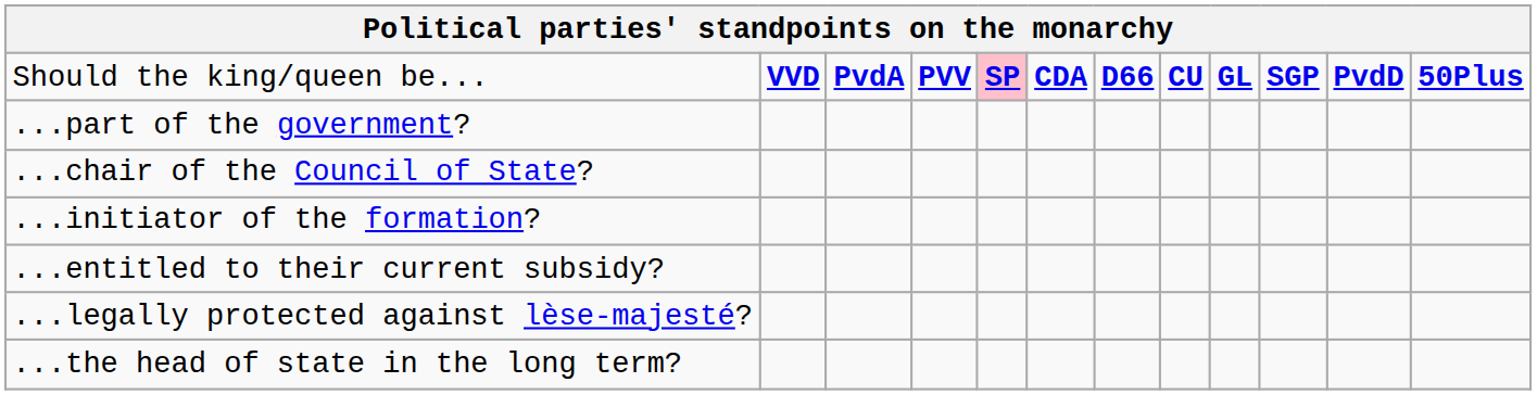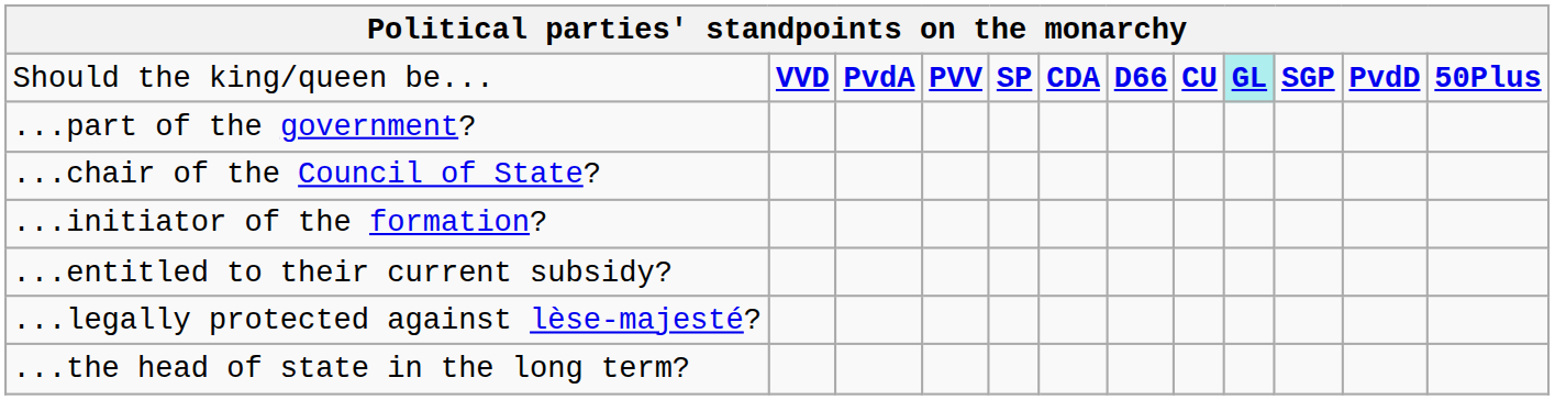 <table class="wikitable">
 <tr>
 <th colspan="18"><strong>Political parties' standpoints on the monarchy</strong></th>
 </tr>
 <tr>
 <td>Should the king/queen be...</td>
 <td><strong><a href='#'>VVD</a></strong></td>
 <td><strong><a href='#'>PvdA</a></strong></td>
 <td><strong><a href='#'>PVV</a></strong></td>
-<td style="background: pink;"><strong><a href='#'>SP</a></strong></td>
+<td><strong><a href='#'>SP</a></strong></td>
 <td><strong><a href='#'>CDA</a></strong></td>
 <td><strong><a href='#'>D66</a></strong></td>
 <td><strong><a href='#'>CU</a></strong></td>
-<td><strong><a href='#'>GL</a></strong></td>
+<td style="background: paleturquoise;"><strong><a href='#'>GL</a></strong></td>
 <td><strong><a href='#'>SGP</a></strong></td>
 <td><strong><a href='#'>PvdD</a></strong></td>
 <td><strong><a href='#'>50Plus</a></strong></td>
 </tr>
 <tr>
 <td>...part of the <a href='#'>government</a>?</td>
 <td></td>
 <td></td>
 <td></td>
 <td></td>
 <td></td>
 <td></td>
 <td></td>
 <td></td>
 <td></td>
 <td></td>
 <td></td>
 </tr>
 <tr>
 <td>...chair of the <a href='#'>Council of State</a>?</td>
 <td></td>
 <td></td>
 <td></td>
 <td></td>
 <td></td>
 <td></td>
 <td></td>
 <td></td>
 <td></td>
 <td></td>
 <td></td>
 </tr>
 <tr>
 <td>...initiator of the <a href='#'>formation</a>?</td>
 <td></td>
 <td></td>
 <td></td>
 <td></td>
 <td></td>
 <td></td>
 <td></td>
 <td></td>
 <td></td>
 <td></td>
 <td></td>
 </tr>
 <tr>
 <td>...entitled to their current subsidy?</td>
 <td></td>
 <td></td>
 <td></td>
 <td></td>
 <td></td>
 <td></td>
 <td></td>
 <td></td>
 <td></td>
 <td></td>
 <td></td>
 </tr>
 <tr>
 <td>...legally protected against <a href='#'>lèse-majesté</a>?</td>
 <td></td>
 <td></td>
 <td></td>
 <td></td>
 <td></td>
 <td></td>
 <td></td>
 <td></td>
 <td></td>
 <td></td>
 <td></td>
 </tr>
 <tr>
 <td>...the head of state in the long term?</td>
 <td></td>
 <td></td>
 <td></td>
 <td></td>
 <td></td>
 <td></td>
 <td></td>
 <td></td>
 <td></td>
 <td></td>
 <td></td>
 </tr>
 </table>
